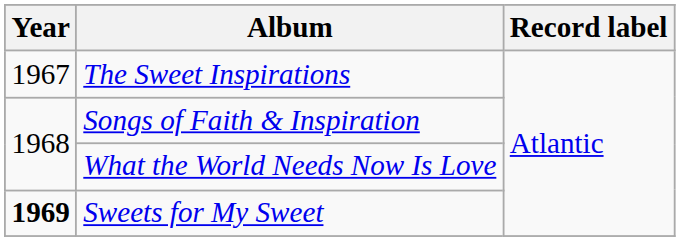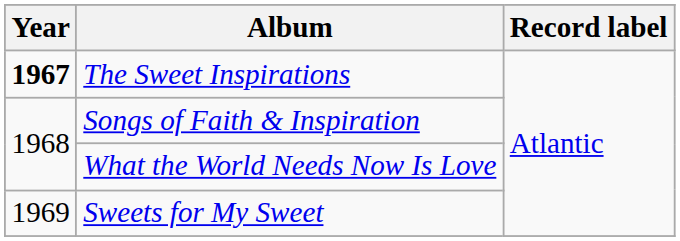 <table class="wikitable">
 <tr>
 <th>Year</th>
 <th>Album</th>
 <th>Record label</th>
 </tr>
 <tr>
-<td>1967</td>
+<td><strong>1967</strong></td>
 <td><em><a href='#'>The Sweet Inspirations</a></em></td>
 <td rowspan="4"><a href='#'>Atlantic</a></td>
 </tr>
 <tr>
 <td rowspan="2">1968</td>
 <td><em><a href='#'>Songs of Faith & Inspiration</a></em></td>
 </tr>
 <tr>
 <td><em><a href='#'>What the World Needs Now Is Love</a></em></td>
 </tr>
 <tr>
-<td><strong>1969</strong></td>
+<td>1969</td>
 <td><em><a href='#'>Sweets for My Sweet</a></em></td>
 </tr>
 </table>
